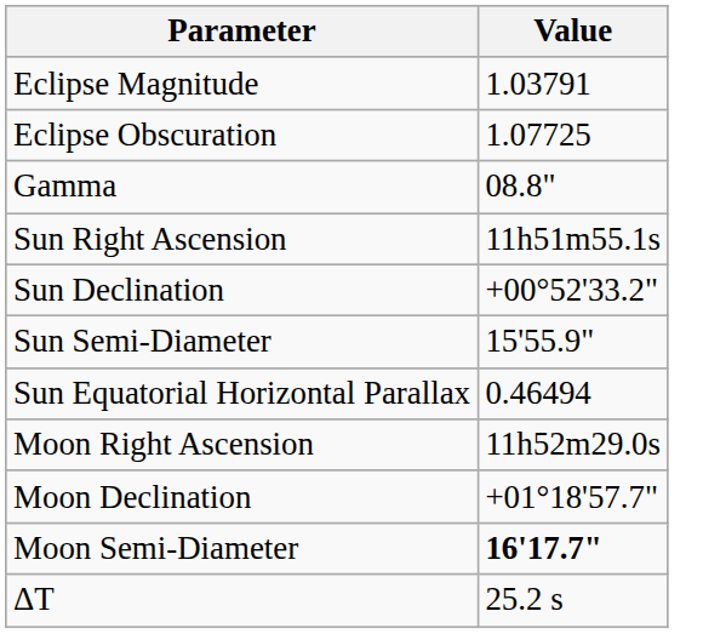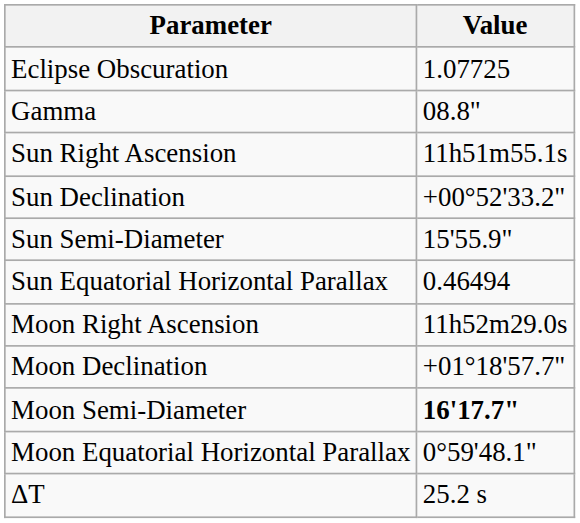 <table class="wikitable">
 <tr>
 <th>Parameter</th>
 <th>Value</th>
-</tr>
-<tr>
-<td>Eclipse Magnitude</td>
-<td>1.03791</td>
 </tr>
 <tr>
 <td>Eclipse Obscuration</td>
 <td>1.07725</td>
 </tr>
 <tr>
 <td>Gamma</td>
 <td>08.8"</td>
 </tr>
 <tr>
 <td>Sun Right Ascension</td>
 <td>11h51m55.1s</td>
 </tr>
 <tr>
 <td>Sun Declination</td>
 <td>+00°52'33.2"</td>
 </tr>
 <tr>
 <td>Sun Semi-Diameter</td>
 <td>15'55.9"</td>
 </tr>
 <tr>
 <td>Sun Equatorial Horizontal Parallax</td>
 <td>0.46494</td>
 </tr>
 <tr>
 <td>Moon Right Ascension</td>
 <td>11h52m29.0s</td>
 </tr>
 <tr>
 <td>Moon Declination</td>
 <td>+01°18'57.7"</td>
 </tr>
 <tr>
 <td>Moon Semi-Diameter</td>
 <td><strong>16'17.7"</strong></td>
 </tr>
 <tr>
+<td>Moon Equatorial Horizontal Parallax</td>
+<td>0°59'48.1"</td>
+</tr>
+<tr>
 <td>ΔT</td>
 <td>25.2 s</td>
 </tr>
 </table>
